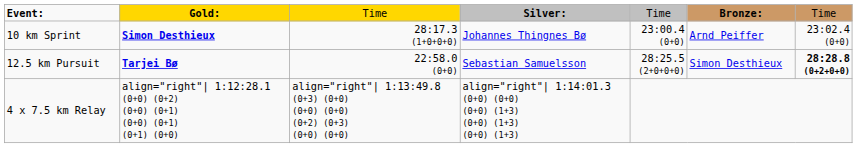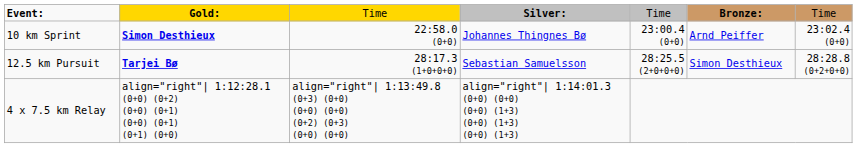 <table class="wikitable" width=85%>
 <tr>
 <td><strong>Event:</strong></td>
 <td style="text-align:center;background-color:gold;"><strong>Gold:</strong></td>
 <td style="text-align:center;background-color:gold;">Time</td>
 <td style="text-align:center;background-color:silver;"><strong>Silver:</strong></td>
 <td style="text-align:center;background-color:silver;">Time</td>
 <td style="text-align:center;background-color:#CC9966;"><strong>Bronze:</strong></td>
 <td style="text-align:center;background-color:#CC9966;">Time</td>
 </tr>
 <tr>
 <td>10 km Sprint<br></td>
 <td><strong><a href='#'>Simon Desthieux</a></strong><br><small></small></td>
-<td align="right">28:17.3<br><small>(1+0+0+0)</small></td>
+<td align="right">22:58.0<br><small>(0+0)</small></td>
 <td><a href='#'>Johannes Thingnes Bø</a><br><small></small></td>
 <td align="right">23:00.4<br><small>(0+0)</small></td>
 <td><a href='#'>Arnd Peiffer</a><br><small></small></td>
 <td align="right">23:02.4<br><small>(0+0)</small></td>
 </tr>
 <tr>
 <td>12.5 km Pursuit<br></td>
 <td><strong><a href='#'>Tarjei Bø</a></strong><br><small></small></td>
-<td align="right">22:58.0<br><small>(0+0)</small></td>
+<td align="right">28:17.3<br><small>(1+0+0+0)</small></td>
 <td><a href='#'>Sebastian Samuelsson</a><br><small></small></td>
 <td align="right">28:25.5<br><small>(2+0+0+0)</small></td>
 <td><a href='#'>Simon Desthieux</a><br><small></small></td>
-<td align="right"><strong>28:28.8<br><small>(0+2+0+0)</small></strong></td>
+<td align="right">28:28.8<br><small>(0+2+0+0)</small></td>
 </tr>
 <tr>
 <td>4 x 7.5 km Relay<br></td>
 <td>align="right"| 1:12:28.1<small><br>(0+0) (0+2)<br>(0+0) (0+1)<br>(0+0) (0+1)<br>(0+1) (0+0)</small></td>
 <td>align="right"| 1:13:49.8<small><br>(0+3) (0+0)<br>(0+0) (0+0)<br>(0+2) (0+3)<br>(0+0) (0+0)</small></td>
 <td>align="right"| 1:14:01.3<small><br>(0+0) (0+0)<br>(0+0) (1+3)<br>(0+0) (1+3)<br>(0+0) (1+3)</small></td>
 </tr>
 </table>
